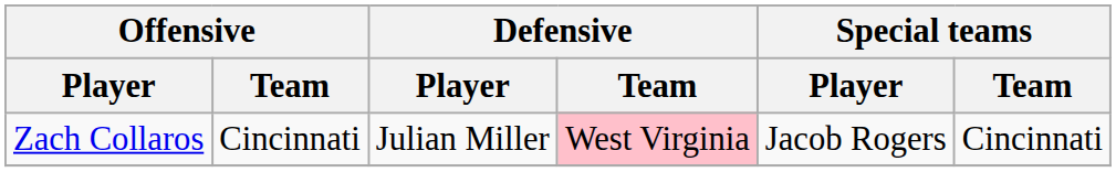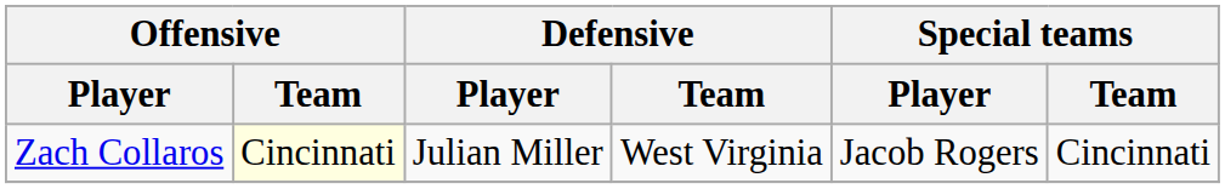 <table class="wikitable" border="1">
 <tr>
 <th colspan="2">Offensive</th>
 <th colspan="2">Defensive</th>
 <th colspan="2">Special teams</th>
 </tr>
 <tr>
 <th>Player</th>
 <th>Team</th>
 <th>Player</th>
 <th>Team</th>
 <th>Player</th>
 <th>Team</th>
 </tr>
 <tr>
 <td><a href='#'>Zach Collaros</a></td>
-<td>Cincinnati</td>
+<td style="background: lightyellow;">Cincinnati</td>
 <td>Julian Miller</td>
-<td style="background: pink;">West Virginia</td>
+<td>West Virginia</td>
 <td>Jacob Rogers</td>
 <td>Cincinnati</td>
 </tr>
 <tr>
 </tr>
 </table>
